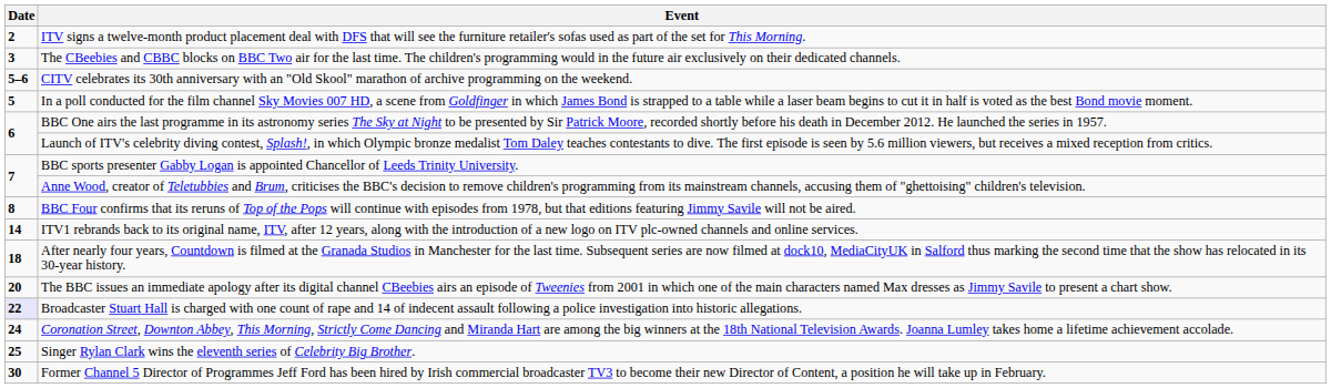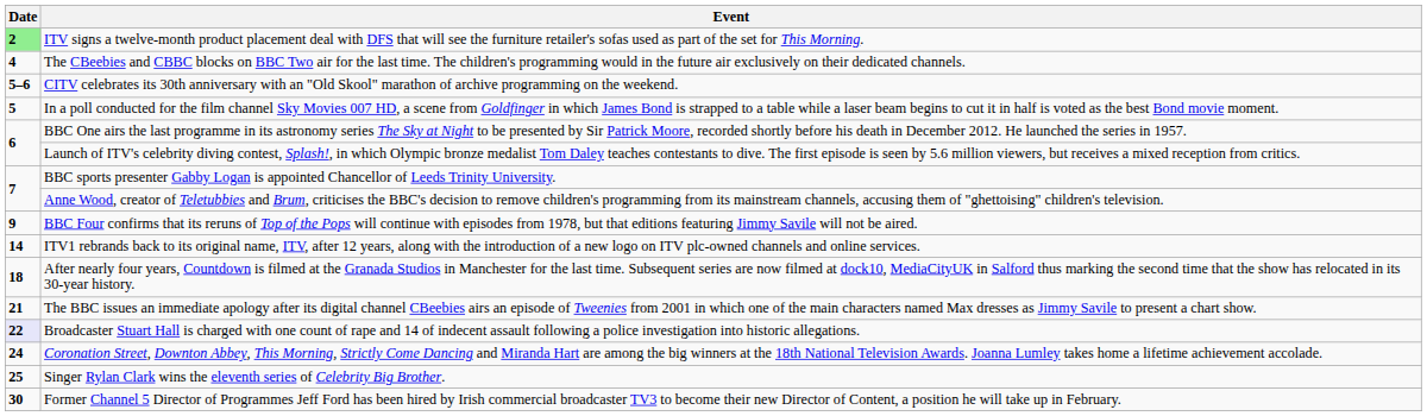 <table class="wikitable">
 <tr>
 <th>Date</th>
 <th>Event</th>
 </tr>
 <tr>
-<td><strong>2</strong></td>
+<td style="background: lightgreen;"><strong>2</strong></td>
 <td><a href='#'>ITV</a> signs a twelve-month product placement deal with <a href='#'>DFS</a> that will see the furniture retailer's sofas used as part of the set for <em><a href='#'>This Morning</a></em>.</td>
 </tr>
 <tr>
-<td><strong>3</strong></td>
+<td><strong>4</strong></td>
 <td>The <a href='#'>CBeebies</a> and <a href='#'>CBBC</a> blocks on <a href='#'>BBC Two</a> air for the last time. The children's programming would in the future air exclusively on their dedicated channels.</td>
 </tr>
 <tr>
 <td><strong>5–6</strong></td>
 <td><a href='#'>CITV</a> celebrates its 30th anniversary with an "Old Skool" marathon of archive programming on the weekend.</td>
 </tr>
 <tr>
 <td><strong>5</strong></td>
 <td>In a poll conducted for the film channel <a href='#'>Sky Movies 007 HD</a>, a scene from <em><a href='#'>Goldfinger</a></em> in which <a href='#'>James Bond</a> is strapped to a table while a laser beam begins to cut it in half is voted as the best <a href='#'>Bond movie</a> moment.</td>
 </tr>
 <tr>
 <td rowspan=2><strong>6</strong></td>
 <td>BBC One airs the last programme in its astronomy series <em><a href='#'>The Sky at Night</a></em> to be presented by Sir <a href='#'>Patrick Moore</a>, recorded shortly before his death in December 2012. He launched the series in 1957.</td>
 </tr>
 <tr>
 <td>Launch of ITV's celebrity diving contest, <em><a href='#'>Splash!</a></em>, in which Olympic bronze medalist <a href='#'>Tom Daley</a> teaches contestants to dive. The first episode is seen by 5.6 million viewers, but receives a mixed reception from critics.</td>
 </tr>
 <tr>
 <td rowspan=2><strong>7</strong></td>
 <td>BBC sports presenter <a href='#'>Gabby Logan</a> is appointed Chancellor of <a href='#'>Leeds Trinity University</a>.</td>
 </tr>
 <tr>
 <td><a href='#'>Anne Wood</a>, creator of <em><a href='#'>Teletubbies</a></em> and <em><a href='#'>Brum</a></em>, criticises the BBC's decision to remove children's programming from its mainstream channels, accusing them of "ghettoising" children's television.</td>
 </tr>
 <tr>
-<td><strong>8</strong></td>
+<td><strong>9</strong></td>
 <td><a href='#'>BBC Four</a> confirms that its reruns of <em><a href='#'>Top of the Pops</a></em> will continue with episodes from 1978, but that editions featuring <a href='#'>Jimmy Savile</a> will not be aired.</td>
 </tr>
 <tr>
 <td><strong>14</strong></td>
 <td>ITV1 rebrands back to its original name, <a href='#'>ITV</a>, after 12 years, along with the introduction of a new logo on ITV plc-owned channels and online services.</td>
 </tr>
 <tr>
 <td><strong>18</strong></td>
 <td>After nearly four years, <a href='#'>Countdown</a> is filmed at the <a href='#'>Granada Studios</a> in Manchester for the last time. Subsequent series are now filmed at <a href='#'>dock10</a>, <a href='#'>MediaCityUK</a> in <a href='#'>Salford</a> thus marking the second time that the show has relocated in its 30-year history.</td>
 </tr>
 <tr>
-<td><strong>20</strong></td>
+<td><strong>21</strong></td>
 <td>The BBC issues an immediate apology after its digital channel <a href='#'>CBeebies</a> airs an episode of <em><a href='#'>Tweenies</a></em> from 2001 in which one of the main characters named Max dresses as <a href='#'>Jimmy Savile</a> to present a chart show.</td>
 </tr>
 <tr>
 <td style="background: lavender;"><strong>22</strong></td>
 <td>Broadcaster <a href='#'>Stuart Hall</a> is charged with one count of rape and 14 of indecent assault following a police investigation into historic allegations.</td>
 </tr>
 <tr>
 <td><strong>24</strong></td>
 <td><em><a href='#'>Coronation Street</a></em>, <em><a href='#'>Downton Abbey</a></em>, <em><a href='#'>This Morning</a></em>, <em><a href='#'>Strictly Come Dancing</a></em> and <a href='#'>Miranda Hart</a> are among the big winners at the <a href='#'>18th National Television Awards</a>. <a href='#'>Joanna Lumley</a> takes home a lifetime achievement accolade.</td>
 </tr>
 <tr>
 <td><strong>25</strong></td>
 <td>Singer <a href='#'>Rylan Clark</a> wins the <a href='#'>eleventh series</a> of <em><a href='#'>Celebrity Big Brother</a></em>.</td>
 </tr>
 <tr>
 <td rowspan=2><strong>30</strong></td>
 <td>Former <a href='#'>Channel 5</a> Director of Programmes Jeff Ford has been hired by Irish commercial broadcaster <a href='#'>TV3</a> to become their new Director of Content, a position he will take up in February.</td>
 </tr>
 </table>
